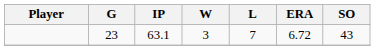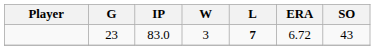 <table class="wikitable sortable">
 <tr>
 <th bgcolor="#DDDDFF" width="16%">Player</th>
 <th bgcolor="#DDDDFF" width="9%">G</th>
 <th bgcolor="#DDDDFF" width="9%">IP</th>
 <th bgcolor="#DDDDFF" width="9%">W</th>
 <th bgcolor="#DDDDFF" width="9%">L</th>
 <th bgcolor="#DDDDFF" width="9%">ERA</th>
 <th bgcolor="#DDDDFF" width="9%">SO</th>
 </tr>
 <tr align="center">
 <td></td>
 <td>23</td>
-<td>63.1</td>
+<td>83.0</td>
 <td>3</td>
-<td>7</td>
+<td><strong>7</strong></td>
 <td>6.72</td>
 <td>43</td>
 </tr>
 <tr align="center">
 </tr>
 </table>
